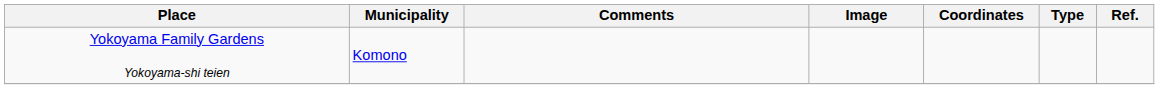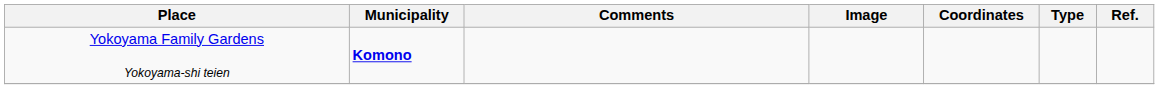 <table class="wikitable sortable"  style="width:100%;">
 <tr>
 <th width="30%" align="left">Place</th>
 <th width="10%" align="left">Municipality</th>
 <th width="30%" align="left" class="unsortable">Comments</th>
 <th width="10%" align="left"  class="unsortable">Image</th>
 <th width="10%" align="left" class="unsortable">Coordinates</th>
 <th width="5%" align="left">Type</th>
 <th width="5%" align="left"  class="unsortable">Ref.</th>
 </tr>
 <tr>
 <td align="center"><a href='#'>Yokoyama Family Gardens</a><br><br><small><em>Yokoyama-shi teien</em></small></td>
-<td><a href='#'>Komono</a></td>
+<td><strong><a href='#'>Komono</a></strong></td>
 <td></td>
 <td></td>
 <td></td>
 <td></td>
 <td></td>
 </tr>
 <tr>
 </tr>
 </table>
